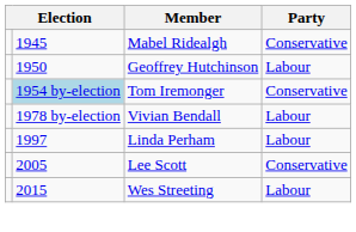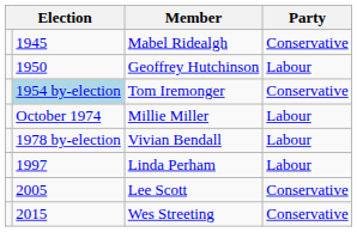 <table class="wikitable">
 <tr>
 <th colspan="2">Election</th>
 <th>Member</th>
 <th>Party</th>
 </tr>
 <tr>
 <td style="color:inherit;background-color: "></td>
 <td><a href='#'>1945</a></td>
 <td><a href='#'>Mabel Ridealgh</a></td>
 <td><a href='#'>Conservative</a></td>
 </tr>
 <tr>
 <td style="color:inherit;background-color: "></td>
 <td><a href='#'>1950</a></td>
 <td><a href='#'>Geoffrey Hutchinson</a></td>
 <td><a href='#'>Labour</a></td>
 </tr>
 <tr>
 <td style="color:inherit;background-color: "></td>
 <td style="background: lightblue;"><a href='#'>1954 by-election</a></td>
 <td><a href='#'>Tom Iremonger</a></td>
 <td><a href='#'>Conservative</a></td>
 </tr>
 <tr>
 <td style="color:inherit;background-color: "></td>
+<td><a href='#'>October 1974</a></td>
+<td><a href='#'>Millie Miller</a></td>
+<td><a href='#'>Labour</a></td>
+</tr>
+<tr>
+<td style="color:inherit;background-color: "></td>
 <td><a href='#'>1978 by-election</a></td>
 <td><a href='#'>Vivian Bendall</a></td>
 <td><a href='#'>Labour</a></td>
 </tr>
 <tr>
 <td style="color:inherit;background-color: "></td>
 <td><a href='#'>1997</a></td>
 <td><a href='#'>Linda Perham</a></td>
 <td><a href='#'>Labour</a></td>
 </tr>
 <tr>
 <td style="color:inherit;background-color: "></td>
 <td><a href='#'>2005</a></td>
 <td><a href='#'>Lee Scott</a></td>
 <td><a href='#'>Conservative</a></td>
 </tr>
 <tr>
 <td style="color:inherit;background-color: "></td>
 <td><a href='#'>2015</a></td>
 <td><a href='#'>Wes Streeting</a></td>
-<td><a href='#'>Labour</a></td>
+<td><a href='#'>Conservative</a></td>
 </tr>
 </table>
